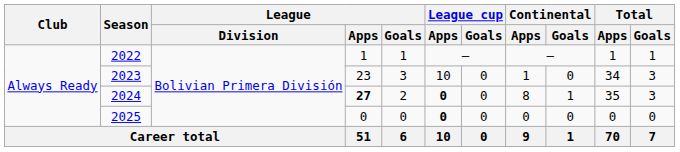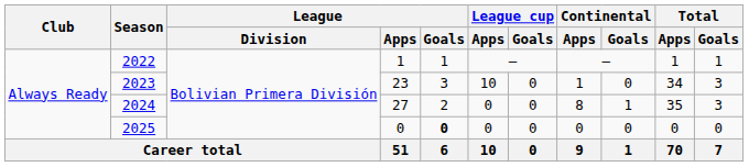 <table class=wikitable style=text-align:center>
 <tr>
 <th rowspan="2">Club</th>
 <th rowspan="2">Season</th>
 <th colspan="3">League</th>
 <th colspan="2"><a href='#'>League cup</a></th>
 <th colspan="2">Continental</th>
 <th colspan="2">Total</th>
 </tr>
 <tr>
 <th>Division</th>
 <th>Apps</th>
 <th>Goals</th>
 <th>Apps</th>
 <th>Goals</th>
 <th>Apps</th>
 <th>Goals</th>
 <th>Apps</th>
 <th>Goals</th>
 </tr>
 <tr>
 <td rowspan="4"><a href='#'>Always Ready</a></td>
 <td><a href='#'>2022</a></td>
 <td rowspan="4"><a href='#'>Bolivian Primera División</a></td>
 <td>1</td>
 <td>1</td>
 <td colspan="2">–</td>
 <td colspan="2">–</td>
 <td>1</td>
 <td>1</td>
 </tr>
 <tr>
 <td><a href='#'>2023</a></td>
 <td>23</td>
 <td>3</td>
 <td>10</td>
 <td>0</td>
 <td>1</td>
 <td>0</td>
 <td>34</td>
 <td>3</td>
 </tr>
 <tr>
 <td><a href='#'>2024</a></td>
-<td><strong>27</strong></td>
+<td>27</td>
 <td>2</td>
-<td><strong>0</strong></td>
+<td>0</td>
 <td>0</td>
 <td>8</td>
 <td>1</td>
 <td>35</td>
 <td>3</td>
 </tr>
 <tr>
 <td><a href='#'>2025</a></td>
 <td>0</td>
+<td><strong>0</strong></td>
 <td>0</td>
-<td><strong>0</strong></td>
 <td>0</td>
 <td>0</td>
 <td>0</td>
 <td>0</td>
 <td>0</td>
 </tr>
 <tr>
 <th colspan="3">Career total</th>
 <th>51</th>
 <th>6</th>
 <th>10</th>
 <th>0</th>
 <th>9</th>
 <th>1</th>
 <th>70</th>
 <th>7</th>
 </tr>
 </table>
